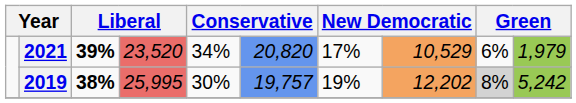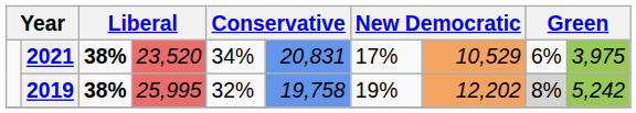 <table class="wikitable" style="float:right; width:400; font-size:90%; margin-left:1em;">
 <tr>
 <th colspan="2" scope="col">Year</th>
 <th colspan="2" scope="col"><a href='#'>Liberal</a></th>
 <th colspan="2" scope="col"><a href='#'>Conservative</a></th>
 <th colspan="2" scope="col"><a href='#'>New Democratic</a></th>
 <th colspan="2" scope="col"><a href='#'>Green</a></th>
 </tr>
 <tr>
 <td rowspan="2" style="width: 0.25em; background-color: "></td>
 <th><a href='#'>2021</a></th>
-<td><strong>39%</strong></td>
+<td><strong>38%</strong></td>
 <td style="text-align:right; background:#EA6D6A;"><em>23,520</em></td>
 <td>34%</td>
-<td style="text-align:right; background:#6495ED;"><em>20,820</em></td>
+<td style="text-align:right; background:#6495ED;"><em>20,831</em></td>
 <td>17%</td>
 <td style="text-align:right; background:#F4A460;"><em>10,529</em></td>
 <td>6%</td>
-<td style="text-align:right; background:#99C955;"><em>1,979</em></td>
+<td style="text-align:right; background:#99C955;"><em>3,975</em></td>
 </tr>
 <tr>
 <th><a href='#'>2019</a></th>
 <td><strong>38%</strong></td>
 <td style="text-align:right; background:#EA6D6A;"><em>25,995</em></td>
-<td>30%</td>
-<td style="text-align:right; background:#6495ED;"><em>19,757</em></td>
+<td>32%</td>
+<td style="text-align:right; background:#6495ED;"><em>19,758</em></td>
 <td>19%</td>
 <td style="text-align:right; background:#F4A460;"><em>12,202</em></td>
 <td style="background: lightgrey;">8%</td>
 <td style="text-align:right; background:#99C955;"><em>5,242</em></td>
 </tr>
 <tr>
 </tr>
 </table>
